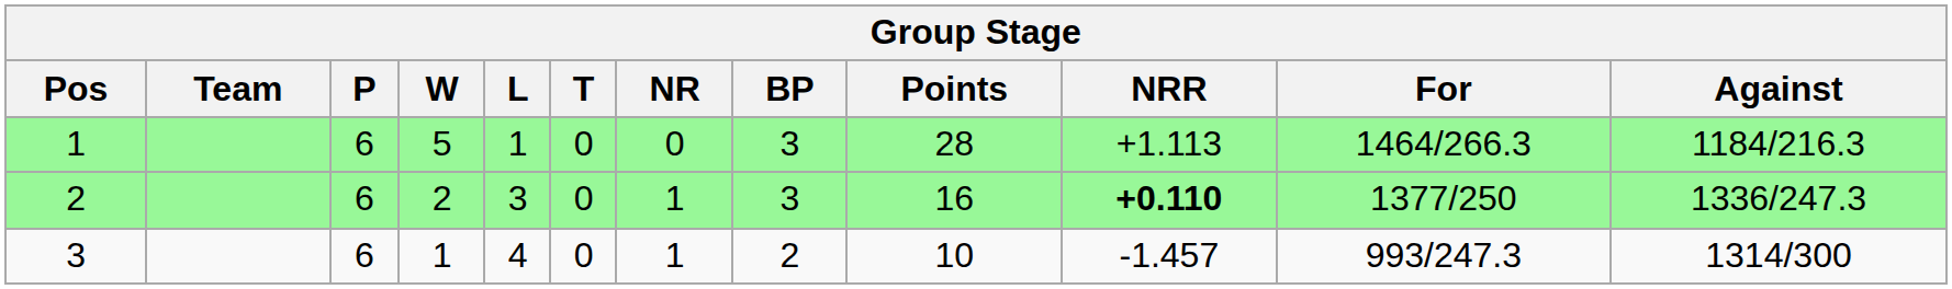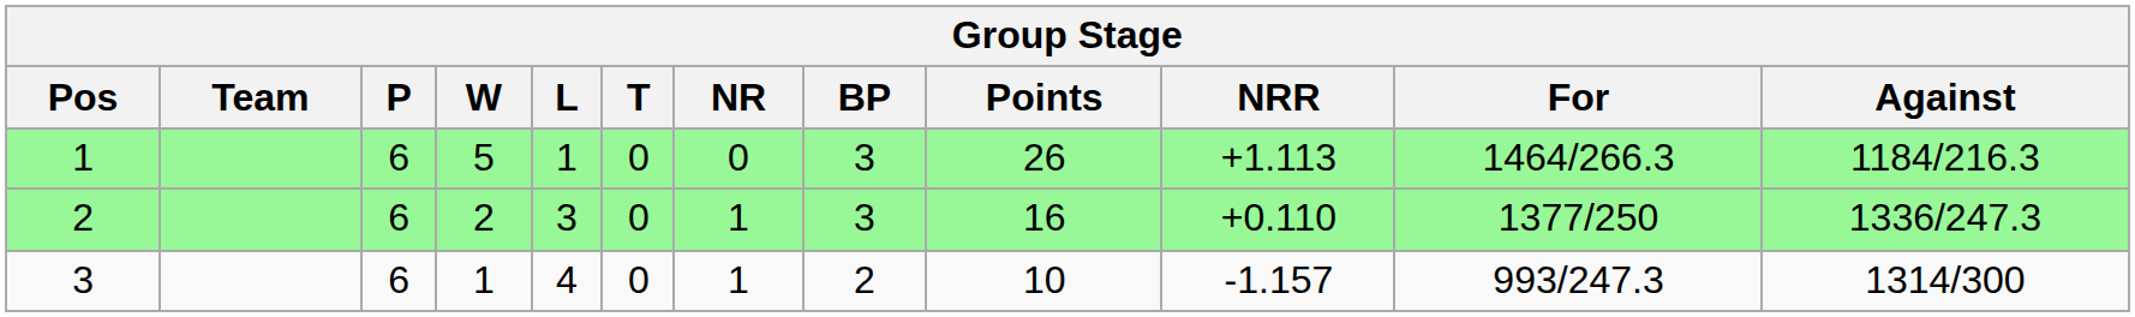 <table class="wikitable" style="width:70%">
 <tr style="background:#efefef;">
 <th colspan=12>Group Stage</th>
 </tr>
 <tr style="background:#efefef;">
 <th>Pos</th>
 <th>Team</th>
 <th>P</th>
 <th>W</th>
 <th>L</th>
 <th>T</th>
 <th>NR</th>
 <th>BP</th>
 <th>Points</th>
 <th>NRR</th>
 <th>For</th>
 <th>Against</th>
 </tr>
 <tr style="background:#98F898; text-align:center;">
 <td>1</td>
 <td></td>
 <td>6</td>
 <td>5</td>
 <td>1</td>
 <td>0</td>
 <td>0</td>
 <td>3</td>
-<td>28</td>
+<td>26</td>
 <td>+1.113</td>
 <td>1464/266.3</td>
 <td>1184/216.3</td>
 </tr>
 <tr style="background:#98F898; text-align:center;">
 <td>2</td>
 <td></td>
 <td>6</td>
 <td>2</td>
 <td>3</td>
 <td>0</td>
 <td>1</td>
 <td>3</td>
 <td>16</td>
-<td><strong>+0.110</strong></td>
+<td>+0.110</td>
 <td>1377/250</td>
 <td>1336/247.3</td>
 </tr>
 <tr style="; text-align:center;">
 <td>3</td>
 <td></td>
 <td>6</td>
 <td>1</td>
 <td>4</td>
 <td>0</td>
 <td>1</td>
 <td>2</td>
 <td>10</td>
-<td>-1.457</td>
+<td>-1.157</td>
 <td>993/247.3</td>
 <td>1314/300</td>
 </tr>
 </table>
